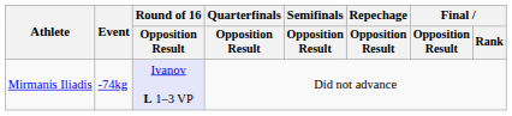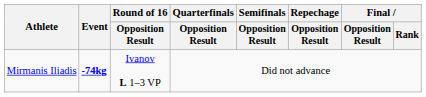 <table class="wikitable" style="font-size:90%">
 <tr>
 <th rowspan=2>Athlete</th>
 <th rowspan=2>Event</th>
 <th>Round of 16</th>
 <th>Quarterfinals</th>
 <th>Semifinals</th>
 <th>Repechage</th>
 <th colspan=2>Final / </th>
 </tr>
 <tr style="font-size:95%">
 <th>Opposition<br>Result</th>
 <th>Opposition<br>Result</th>
 <th>Opposition<br>Result</th>
 <th>Opposition<br>Result</th>
 <th>Opposition<br>Result</th>
 <th>Rank</th>
 </tr>
 <tr align=center>
 <td align=left><a href='#'>Mirmanis Iliadis</a></td>
-<td align=left><a href='#'>-74kg</a></td>
-<td style="background: lavender;"><a href='#'>Ivanov</a><br><br><strong>L</strong> 1–3 VP</td>
+<td align=left><strong><a href='#'>-74kg</a></strong></td>
+<td><a href='#'>Ivanov</a><br><br><strong>L</strong> 1–3 VP</td>
 <td colspan=5>Did not advance</td>
 </tr>
 </table>
